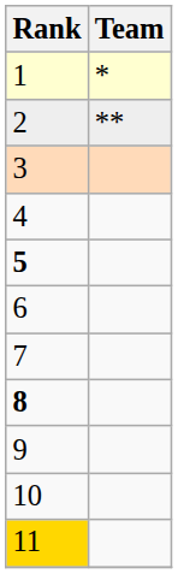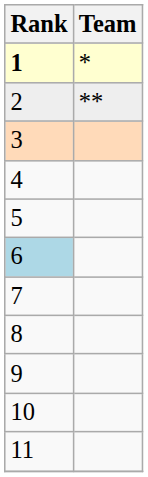 <table class="wikitable">
 <tr>
 <th>Rank</th>
 <th>Team</th>
 </tr>
 <tr style="background:#ffffd0">
-<td>1</td>
+<td><strong>1</strong></td>
 <td> *</td>
 </tr>
 <tr style="background:#eeeeee">
 <td>2</td>
 <td> **</td>
 </tr>
 <tr style="background:#FFDAB9">
 <td>3</td>
 <td></td>
 </tr>
 <tr>
 <td>4</td>
 <td></td>
 </tr>
 <tr>
-<td><strong>5</strong></td>
+<td>5</td>
 <td></td>
 </tr>
 <tr>
-<td>6</td>
+<td style="background: lightblue;">6</td>
 <td></td>
 </tr>
 <tr>
 <td>7</td>
 <td></td>
 </tr>
 <tr>
-<td><strong>8</strong></td>
+<td>8</td>
 <td></td>
 </tr>
 <tr>
 <td>9</td>
 <td></td>
 </tr>
 <tr>
 <td>10</td>
 <td></td>
 </tr>
 <tr>
-<td style="background: gold;">11</td>
+<td>11</td>
 <td></td>
 </tr>
 <tr>
 </tr>
 </table>
